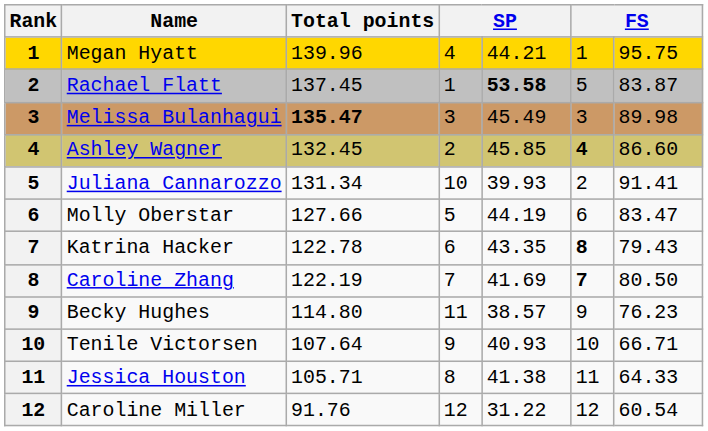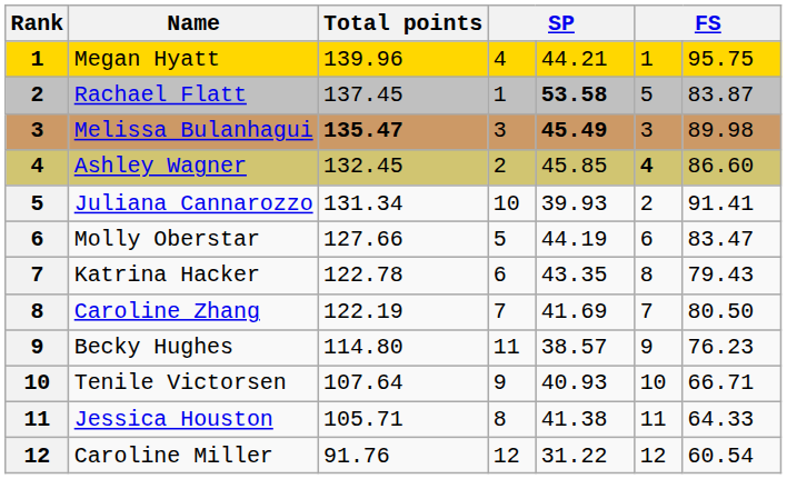 <table class="wikitable sortable">
 <tr>
 <th>Rank</th>
 <th>Name</th>
 <th>Total points</th>
 <th colspan="2" width="80px"><a href='#'>SP</a></th>
 <th colspan="2" width="80px"><a href='#'>FS</a></th>
 </tr>
 <tr bgcolor="gold">
 <td align="center"><strong>1</strong></td>
 <td>Megan Hyatt</td>
 <td>139.96</td>
 <td>4</td>
 <td>44.21</td>
 <td>1</td>
 <td>95.75</td>
 </tr>
 <tr bgcolor="silver">
 <td align="center"><strong>2</strong></td>
 <td><a href='#'>Rachael Flatt</a></td>
 <td>137.45</td>
 <td>1</td>
 <td><strong>53.58</strong></td>
 <td>5</td>
 <td>83.87</td>
 </tr>
 <tr bgcolor="cc9966">
 <td align="center"><strong>3</strong></td>
 <td><a href='#'>Melissa Bulanhagui</a></td>
 <td><strong>135.47</strong></td>
 <td>3</td>
-<td>45.49</td>
+<td><strong>45.49</strong></td>
 <td>3</td>
 <td>89.98</td>
 </tr>
 <tr bgcolor="#d1c571">
 <td align="center"><strong>4</strong></td>
 <td><a href='#'>Ashley Wagner</a></td>
 <td>132.45</td>
 <td>2</td>
 <td>45.85</td>
 <td><strong>4</strong></td>
 <td>86.60</td>
 </tr>
 <tr>
 <th>5</th>
 <td><a href='#'>Juliana Cannarozzo</a></td>
 <td>131.34</td>
 <td>10</td>
 <td>39.93</td>
 <td>2</td>
 <td>91.41</td>
 </tr>
 <tr>
 <th>6</th>
 <td>Molly Oberstar</td>
 <td>127.66</td>
 <td>5</td>
 <td>44.19</td>
 <td>6</td>
 <td>83.47</td>
 </tr>
 <tr>
 <th>7</th>
 <td>Katrina Hacker</td>
 <td>122.78</td>
 <td>6</td>
 <td>43.35</td>
-<td><strong>8</strong></td>
+<td>8</td>
 <td>79.43</td>
 </tr>
 <tr>
 <th>8</th>
 <td><a href='#'>Caroline Zhang</a></td>
 <td>122.19</td>
 <td>7</td>
 <td>41.69</td>
-<td><strong>7</strong></td>
+<td>7</td>
 <td>80.50</td>
 </tr>
 <tr>
 <th>9</th>
 <td>Becky Hughes</td>
 <td>114.80</td>
 <td>11</td>
 <td>38.57</td>
 <td>9</td>
 <td>76.23</td>
 </tr>
 <tr>
 <th>10</th>
 <td>Tenile Victorsen</td>
 <td>107.64</td>
 <td>9</td>
 <td>40.93</td>
 <td>10</td>
 <td>66.71</td>
 </tr>
 <tr>
 <th>11</th>
 <td><a href='#'>Jessica Houston</a></td>
 <td>105.71</td>
 <td>8</td>
 <td>41.38</td>
 <td>11</td>
 <td>64.33</td>
 </tr>
 <tr>
 <th>12</th>
 <td>Caroline Miller</td>
 <td>91.76</td>
 <td>12</td>
 <td>31.22</td>
 <td>12</td>
 <td>60.54</td>
 </tr>
 </table>
